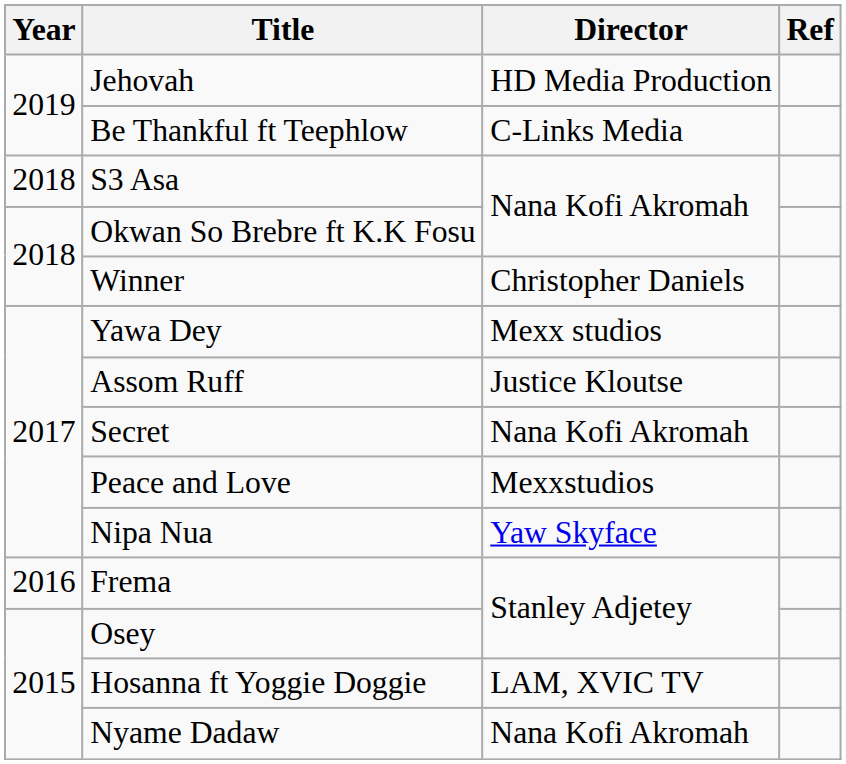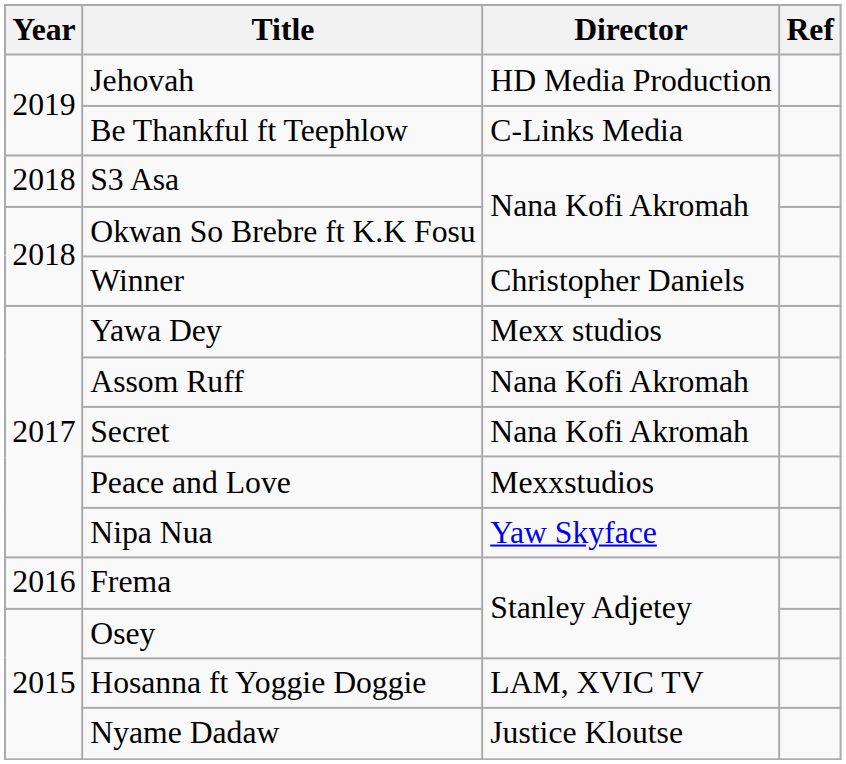 <table class="wikitable">
 <tr>
 <th>Year</th>
 <th>Title</th>
 <th>Director</th>
 <th>Ref</th>
 </tr>
 <tr>
 <td rowspan="2">2019</td>
 <td>Jehovah</td>
 <td>HD Media Production</td>
 <td></td>
 </tr>
 <tr>
 <td>Be Thankful ft Teephlow</td>
 <td>C-Links Media</td>
 <td></td>
 </tr>
 <tr>
 <td>2018</td>
 <td>S3 Asa</td>
 <td rowspan="2">Nana Kofi Akromah</td>
 <td></td>
 </tr>
 <tr>
 <td rowspan="2">2018</td>
 <td>Okwan So Brebre ft K.K Fosu</td>
 <td></td>
 </tr>
 <tr>
 <td>Winner</td>
 <td>Christopher Daniels</td>
 <td></td>
 </tr>
 <tr>
 <td rowspan="5">2017</td>
 <td>Yawa Dey</td>
 <td>Mexx studios</td>
 <td></td>
 </tr>
 <tr>
 <td>Assom Ruff</td>
-<td>Justice Kloutse</td>
+<td>Nana Kofi Akromah</td>
 <td></td>
 </tr>
 <tr>
 <td>Secret</td>
 <td>Nana Kofi Akromah</td>
 <td></td>
 </tr>
 <tr>
 <td>Peace and Love</td>
 <td>Mexxstudios</td>
 <td></td>
 </tr>
 <tr>
 <td>Nipa Nua</td>
 <td><a href='#'>Yaw Skyface</a></td>
 <td></td>
 </tr>
 <tr>
 <td>2016</td>
 <td>Frema</td>
 <td rowspan="2">Stanley Adjetey</td>
 <td></td>
 </tr>
 <tr>
 <td rowspan="3">2015</td>
 <td>Osey</td>
 <td></td>
 </tr>
 <tr>
 <td>Hosanna ft Yoggie Doggie</td>
 <td>LAM, XVIC TV</td>
 <td></td>
 </tr>
 <tr>
 <td>Nyame Dadaw</td>
-<td>Nana Kofi Akromah</td>
+<td>Justice Kloutse</td>
 <td></td>
 </tr>
 </table>
